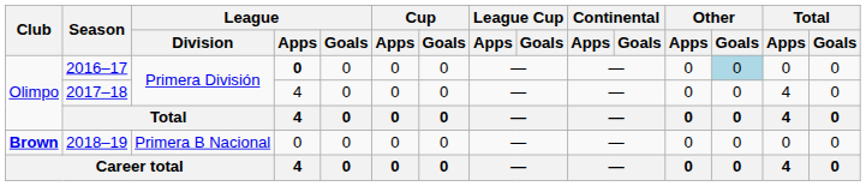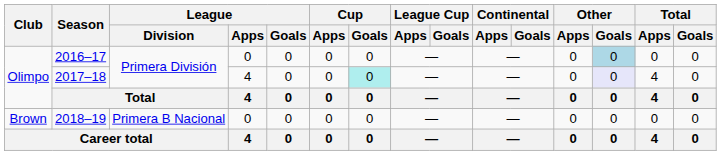 <table class="wikitable" style="text-align:center">
 <tr>
 <th rowspan="2">Club</th>
 <th rowspan="2">Season</th>
 <th colspan="3">League</th>
 <th colspan="2">Cup</th>
 <th colspan="2">League Cup</th>
 <th colspan="2">Continental</th>
 <th colspan="2">Other</th>
 <th colspan="2">Total</th>
 </tr>
 <tr>
 <th>Division</th>
 <th>Apps</th>
 <th>Goals</th>
 <th>Apps</th>
 <th>Goals</th>
 <th>Apps</th>
 <th>Goals</th>
 <th>Apps</th>
 <th>Goals</th>
 <th>Apps</th>
 <th>Goals</th>
 <th>Apps</th>
 <th>Goals</th>
 </tr>
 <tr>
 <td rowspan="3"><a href='#'>Olimpo</a></td>
 <td><a href='#'>2016–17</a></td>
 <td rowspan="2"><a href='#'>Primera División</a></td>
-<td><strong>0</strong></td>
+<td>0</td>
 <td>0</td>
 <td>0</td>
 <td>0</td>
 <td colspan="2">—</td>
 <td colspan="2">—</td>
 <td>0</td>
 <td style="background: lightblue;">0</td>
 <td>0</td>
 <td>0</td>
 </tr>
 <tr>
 <td><a href='#'>2017–18</a></td>
 <td>4</td>
 <td>0</td>
 <td>0</td>
-<td>0</td>
+<td style="background: paleturquoise;">0</td>
 <td colspan="2">—</td>
 <td colspan="2">—</td>
 <td>0</td>
-<td>0</td>
+<td style="background: lavender;">0</td>
 <td>4</td>
 <td>0</td>
 </tr>
 <tr>
 <th colspan="2">Total</th>
 <th>4</th>
 <th>0</th>
 <th>0</th>
 <th>0</th>
 <th colspan="2">—</th>
 <th colspan="2">—</th>
 <th>0</th>
 <th>0</th>
 <th>4</th>
 <th>0</th>
 </tr>
 <tr>
-<td rowspan="1"><strong><a href='#'>Brown</a></strong></td>
+<td rowspan="1"><a href='#'>Brown</a></td>
 <td><a href='#'>2018–19</a></td>
 <td rowspan="1"><a href='#'>Primera B Nacional</a></td>
 <td>0</td>
 <td>0</td>
 <td>0</td>
 <td>0</td>
 <td colspan="2">—</td>
 <td colspan="2">—</td>
 <td>0</td>
 <td>0</td>
 <td>0</td>
 <td>0</td>
 </tr>
 <tr>
 <th colspan="3">Career total</th>
 <th>4</th>
 <th>0</th>
 <th>0</th>
 <th>0</th>
 <th colspan="2">—</th>
 <th colspan="2">—</th>
 <th>0</th>
 <th>0</th>
 <th>4</th>
 <th>0</th>
 </tr>
 </table>
